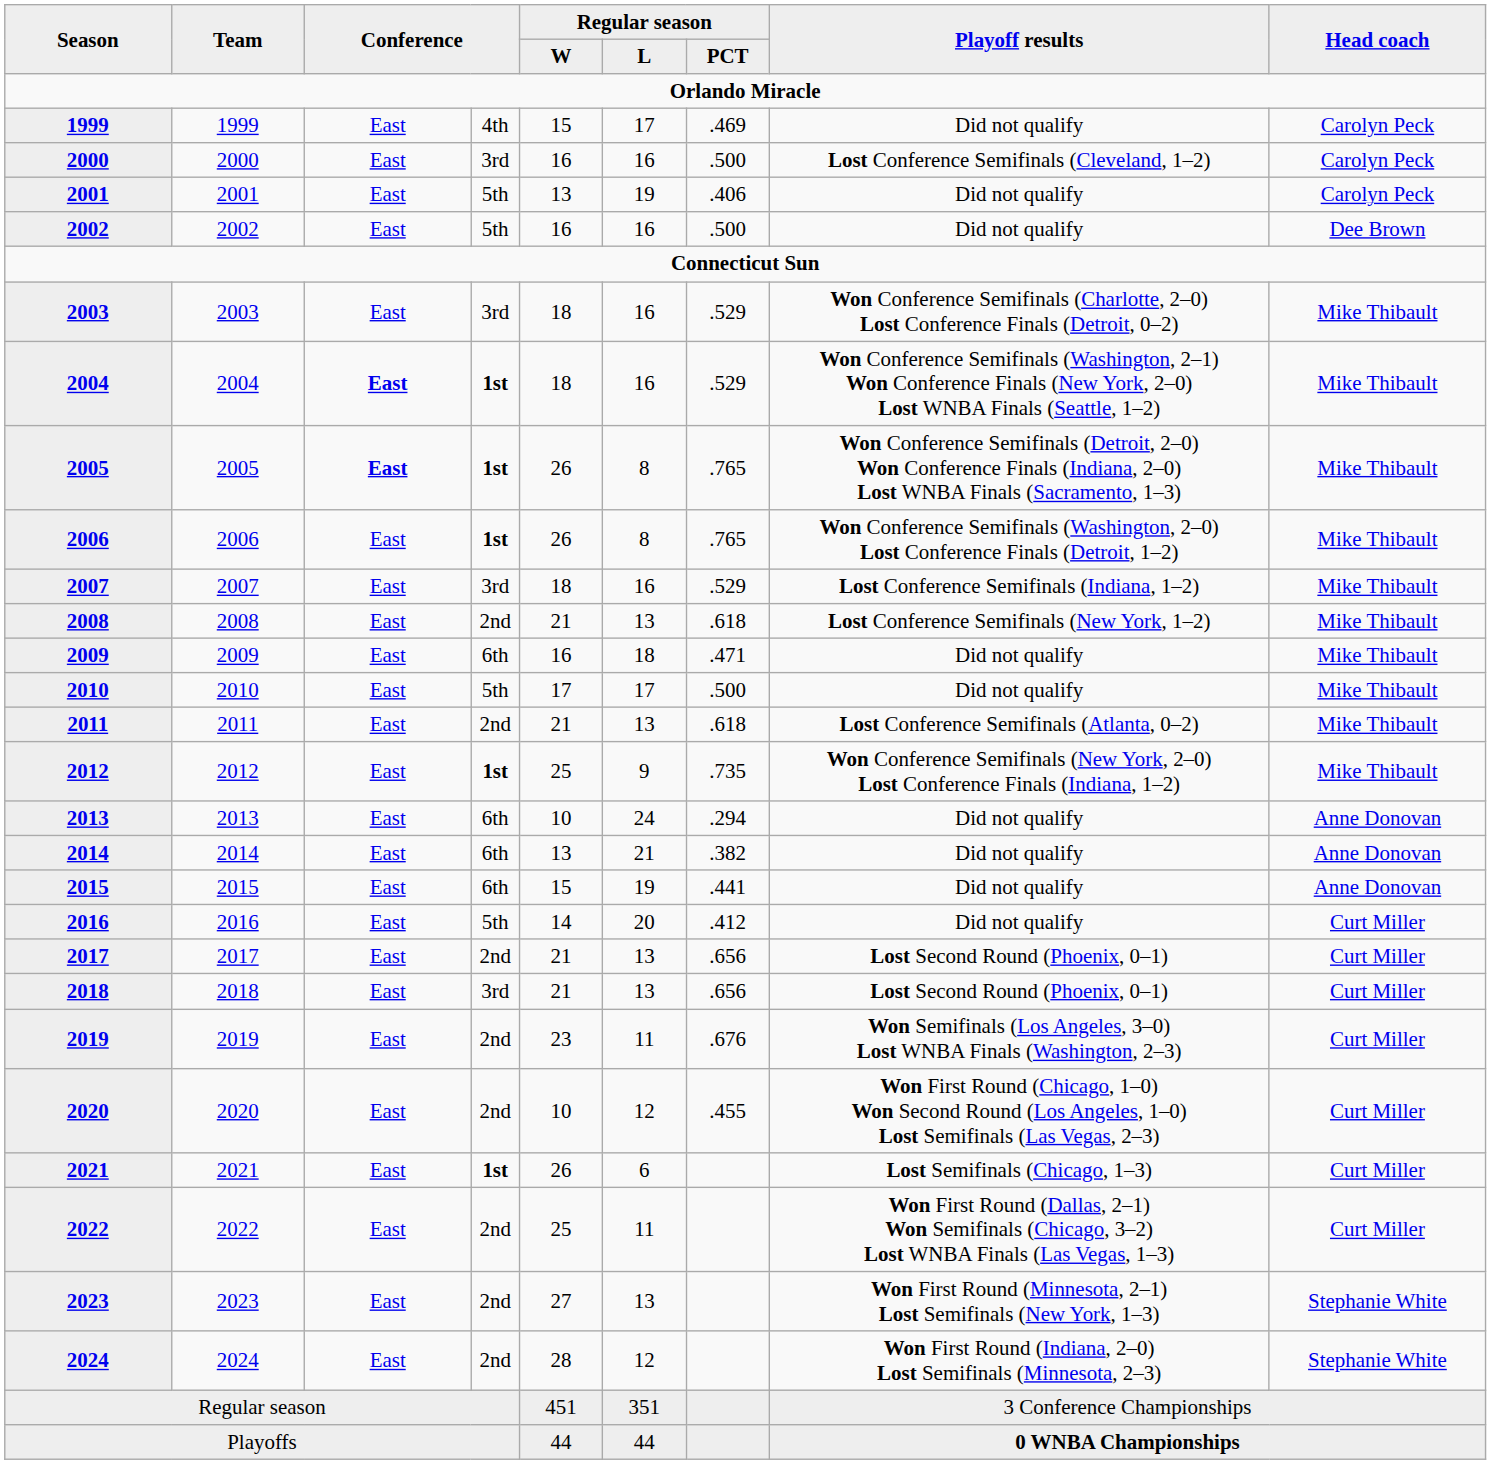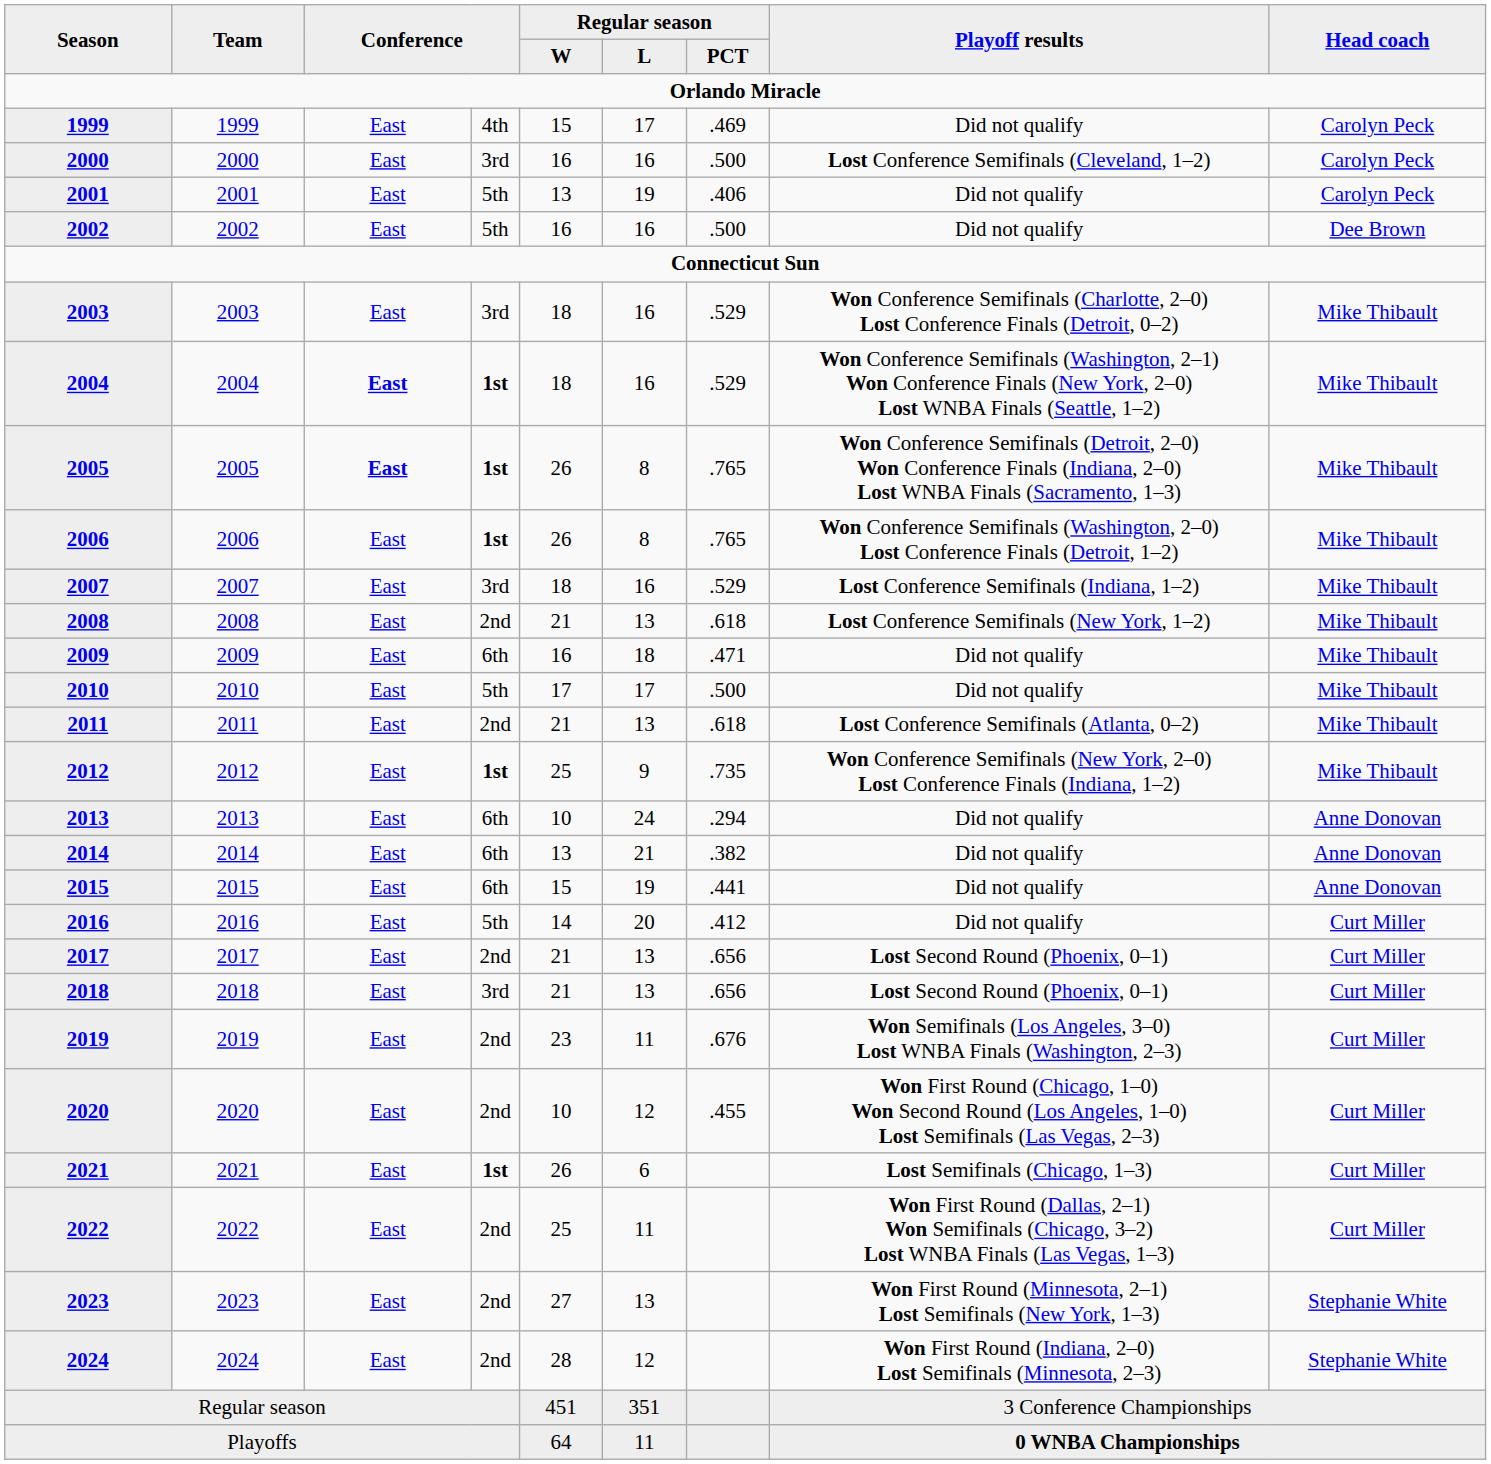 <table class="wikitable" style="font-size:95%; text-align: center; width: 85%; margin:1em auto;">
 <tr>
 <th rowspan="2" style="background:#eee; width: 10%;">Season</th>
 <th rowspan="2" style="background:#eee; width: 8%;">Team</th>
 <th rowspan="2" colspan="2" style="background:#eee; width: 12%;">Conference</th>
 <th colspan="3" style="background:#eee; width: 15%;">Regular season</th>
 <th rowspan="2" style="background:#eee; width: 30%;"><a href='#'>Playoff</a> results</th>
 <th rowspan="2" style="background:#eee; width: 13%;"><a href='#'>Head coach</a></th>
 </tr>
 <tr>
 <th style="background:#eee; width: 5%;">W</th>
 <th style="background:#eee; width: 5%;">L</th>
 <th style="background:#eee; width: 5%;">PCT</th>
 </tr>
 <tr>
 <td colspan="9"><strong>Orlando Miracle</strong></td>
 </tr>
 <tr>
 <th scope="row" style="background:#eee;"><a href='#'>1999</a></th>
 <td><a href='#'>1999</a></td>
 <td style="width: 10%"><a href='#'>East</a></td>
 <td>4th</td>
 <td>15</td>
 <td>17</td>
 <td>.469</td>
 <td>Did not qualify</td>
 <td><a href='#'>Carolyn Peck</a></td>
 </tr>
 <tr>
 <th scope="row" style="background:#eee;"><a href='#'>2000</a></th>
 <td><a href='#'>2000</a></td>
 <td><a href='#'>East</a></td>
 <td>3rd</td>
 <td>16</td>
 <td>16</td>
 <td>.500</td>
 <td><strong>Lost</strong> Conference Semifinals (<a href='#'>Cleveland</a>, 1–2)</td>
 <td><a href='#'>Carolyn Peck</a></td>
 </tr>
 <tr>
 <th scope="row" style="background:#eee;"><a href='#'>2001</a></th>
 <td><a href='#'>2001</a></td>
 <td><a href='#'>East</a></td>
 <td>5th</td>
 <td>13</td>
 <td>19</td>
 <td>.406</td>
 <td>Did not qualify</td>
 <td><a href='#'>Carolyn Peck</a></td>
 </tr>
 <tr>
 <th scope="row" style="background:#eee;"><a href='#'>2002</a></th>
 <td><a href='#'>2002</a></td>
 <td><a href='#'>East</a></td>
 <td>5th</td>
 <td>16</td>
 <td>16</td>
 <td>.500</td>
 <td>Did not qualify</td>
 <td><a href='#'>Dee Brown</a></td>
 </tr>
 <tr>
 <td colspan="9"><strong> Connecticut Sun</strong></td>
 </tr>
 <tr>
 <th scope="row" style="background:#eee;"><a href='#'>2003</a></th>
 <td><a href='#'>2003</a></td>
 <td><a href='#'>East</a></td>
 <td>3rd</td>
 <td>18</td>
 <td>16</td>
 <td>.529</td>
 <td><strong>Won</strong> Conference Semifinals (<a href='#'>Charlotte</a>, 2–0)<br> <strong>Lost</strong> Conference Finals (<a href='#'>Detroit</a>, 0–2)</td>
 <td><a href='#'>Mike Thibault</a></td>
 </tr>
 <tr>
 <th scope="row" style="background:#eee;"><a href='#'>2004</a></th>
 <td><a href='#'>2004</a></td>
 <td><strong><a href='#'>East</a></strong></td>
 <td><strong>1st</strong></td>
 <td>18</td>
 <td>16</td>
 <td>.529</td>
 <td><strong>Won</strong> Conference Semifinals (<a href='#'>Washington</a>, 2–1)<br> <strong>Won</strong> Conference Finals (<a href='#'>New York</a>, 2–0)<br> <strong>Lost</strong> WNBA Finals (<a href='#'>Seattle</a>, 1–2)</td>
 <td><a href='#'>Mike Thibault</a></td>
 </tr>
 <tr>
 <th scope="row" style="background:#eee;"><a href='#'>2005</a></th>
 <td><a href='#'>2005</a></td>
 <td><strong><a href='#'>East</a></strong></td>
 <td><strong>1st</strong></td>
 <td>26</td>
 <td>8</td>
 <td>.765</td>
 <td><strong>Won</strong> Conference Semifinals (<a href='#'>Detroit</a>, 2–0)<br> <strong>Won</strong> Conference Finals (<a href='#'>Indiana</a>, 2–0)<br> <strong>Lost</strong> WNBA Finals (<a href='#'>Sacramento</a>, 1–3)</td>
 <td><a href='#'>Mike Thibault</a></td>
 </tr>
 <tr>
 <th scope="row" style="background:#eee;"><a href='#'>2006</a></th>
 <td><a href='#'>2006</a></td>
 <td><a href='#'>East</a></td>
 <td><strong>1st</strong></td>
 <td>26</td>
 <td>8</td>
 <td>.765</td>
 <td><strong>Won</strong> Conference Semifinals (<a href='#'>Washington</a>, 2–0)<br> <strong>Lost</strong> Conference Finals (<a href='#'>Detroit</a>, 1–2)</td>
 <td><a href='#'>Mike Thibault</a></td>
 </tr>
 <tr>
 <th scope="row" style="background:#eee;"><a href='#'>2007</a></th>
 <td><a href='#'>2007</a></td>
 <td><a href='#'>East</a></td>
 <td>3rd</td>
 <td>18</td>
 <td>16</td>
 <td>.529</td>
 <td><strong>Lost</strong> Conference Semifinals (<a href='#'>Indiana</a>, 1–2)</td>
 <td><a href='#'>Mike Thibault</a></td>
 </tr>
 <tr>
 <th scope="row" style="background:#eee;"><a href='#'>2008</a></th>
 <td><a href='#'>2008</a></td>
 <td><a href='#'>East</a></td>
 <td>2nd</td>
 <td>21</td>
 <td>13</td>
 <td>.618</td>
 <td><strong>Lost</strong> Conference Semifinals (<a href='#'>New York</a>, 1–2)</td>
 <td><a href='#'>Mike Thibault</a></td>
 </tr>
 <tr>
 <th scope="row" style="background:#eee;"><a href='#'>2009</a></th>
 <td><a href='#'>2009</a></td>
 <td><a href='#'>East</a></td>
 <td>6th</td>
 <td>16</td>
 <td>18</td>
 <td>.471</td>
 <td>Did not qualify</td>
 <td><a href='#'>Mike Thibault</a></td>
 </tr>
 <tr>
 <th scope="row" style="background:#eee;"><a href='#'>2010</a></th>
 <td><a href='#'>2010</a></td>
 <td><a href='#'>East</a></td>
 <td>5th</td>
 <td>17</td>
 <td>17</td>
 <td>.500</td>
 <td>Did not qualify</td>
 <td><a href='#'>Mike Thibault</a></td>
 </tr>
 <tr>
 <th scope="row" style="background:#eee;"><a href='#'>2011</a></th>
 <td><a href='#'>2011</a></td>
 <td><a href='#'>East</a></td>
 <td>2nd</td>
 <td>21</td>
 <td>13</td>
 <td>.618</td>
 <td><strong>Lost</strong> Conference Semifinals (<a href='#'>Atlanta</a>, 0–2)</td>
 <td><a href='#'>Mike Thibault</a></td>
 </tr>
 <tr>
 <th scope="row" style="background:#eee;"><a href='#'>2012</a></th>
 <td><a href='#'>2012</a></td>
 <td><a href='#'>East</a></td>
 <td><strong>1st</strong></td>
 <td>25</td>
 <td>9</td>
 <td>.735</td>
 <td><strong>Won</strong> Conference Semifinals (<a href='#'>New York</a>, 2–0)<br><strong>Lost</strong> Conference Finals (<a href='#'>Indiana</a>, 1–2)</td>
 <td><a href='#'>Mike Thibault</a></td>
 </tr>
 <tr>
 <th scope="row" style="background:#eee;"><a href='#'>2013</a></th>
 <td><a href='#'>2013</a></td>
 <td><a href='#'>East</a></td>
 <td>6th</td>
 <td>10</td>
 <td>24</td>
 <td>.294</td>
 <td>Did not qualify</td>
 <td><a href='#'>Anne Donovan</a></td>
 </tr>
 <tr>
 <th scope="row" style="background:#eee;"><a href='#'>2014</a></th>
 <td><a href='#'>2014</a></td>
 <td><a href='#'>East</a></td>
 <td>6th</td>
 <td>13</td>
 <td>21</td>
 <td>.382</td>
 <td>Did not qualify</td>
 <td><a href='#'>Anne Donovan</a></td>
 </tr>
 <tr>
 <th scope="row" style="background:#eee;"><a href='#'>2015</a></th>
 <td><a href='#'>2015</a></td>
 <td><a href='#'>East</a></td>
 <td>6th</td>
 <td>15</td>
 <td>19</td>
 <td>.441</td>
 <td>Did not qualify</td>
 <td><a href='#'>Anne Donovan</a></td>
 </tr>
 <tr>
 <th scope="row" style="background:#eee;"><a href='#'>2016</a></th>
 <td><a href='#'>2016</a></td>
 <td><a href='#'>East</a></td>
 <td>5th</td>
 <td>14</td>
 <td>20</td>
 <td>.412</td>
 <td>Did not qualify</td>
 <td><a href='#'>Curt Miller</a></td>
 </tr>
 <tr>
 <th scope="row" style="background:#eee;"><a href='#'>2017</a></th>
 <td><a href='#'>2017</a></td>
 <td><a href='#'>East</a></td>
 <td>2nd</td>
 <td>21</td>
 <td>13</td>
 <td>.656</td>
 <td><strong>Lost</strong> Second Round (<a href='#'>Phoenix</a>, 0–1)</td>
 <td><a href='#'>Curt Miller</a></td>
 </tr>
 <tr>
 <th scope="row" style="background:#eee;"><a href='#'>2018</a></th>
 <td><a href='#'>2018</a></td>
 <td><a href='#'>East</a></td>
 <td>3rd</td>
 <td>21</td>
 <td>13</td>
 <td>.656</td>
 <td><strong>Lost</strong> Second Round (<a href='#'>Phoenix</a>, 0–1)</td>
 <td><a href='#'>Curt Miller</a></td>
 </tr>
 <tr>
 <th scope="row" style="background:#eee;"><a href='#'>2019</a></th>
 <td><a href='#'>2019</a></td>
 <td><a href='#'>East</a></td>
 <td>2nd</td>
 <td>23</td>
 <td>11</td>
 <td>.676</td>
 <td><strong>Won</strong> Semifinals (<a href='#'>Los Angeles</a>, 3–0)<br> <strong>Lost</strong> WNBA Finals (<a href='#'>Washington</a>, 2–3)</td>
 <td><a href='#'>Curt Miller</a></td>
 </tr>
 <tr>
 <th scope="row" style="background:#eee;"><a href='#'>2020</a></th>
 <td><a href='#'>2020</a></td>
 <td><a href='#'>East</a></td>
 <td>2nd</td>
 <td>10</td>
 <td>12</td>
 <td>.455</td>
 <td><strong>Won</strong> First Round (<a href='#'>Chicago</a>, 1–0)<br> <strong>Won</strong> Second Round (<a href='#'>Los Angeles</a>, 1–0)<br><strong>Lost</strong> Semifinals (<a href='#'>Las Vegas</a>, 2–3)</td>
 <td><a href='#'>Curt Miller</a></td>
 </tr>
 <tr>
 <th scope="row" style="background:#eee;"><a href='#'>2021</a></th>
 <td><a href='#'>2021</a></td>
 <td><a href='#'>East</a></td>
 <td><strong>1st</strong></td>
 <td>26</td>
 <td>6</td>
 <td></td>
 <td><strong>Lost</strong> Semifinals (<a href='#'>Chicago</a>, 1–3)</td>
 <td><a href='#'>Curt Miller</a></td>
 </tr>
 <tr>
 <th scope="row" style="background:#eee;"><a href='#'>2022</a></th>
 <td><a href='#'>2022</a></td>
 <td><a href='#'>East</a></td>
 <td>2nd</td>
 <td>25</td>
 <td>11</td>
 <td></td>
 <td><strong>Won</strong> First Round (<a href='#'>Dallas</a>, 2–1)<br><strong>Won</strong> Semifinals (<a href='#'>Chicago</a>, 3–2)<br><strong>Lost</strong> WNBA Finals (<a href='#'>Las Vegas</a>, 1–3)</td>
 <td><a href='#'>Curt Miller</a></td>
 </tr>
 <tr>
 <th scope="row" style="background:#eee;"><a href='#'>2023</a></th>
 <td><a href='#'>2023</a></td>
 <td><a href='#'>East</a></td>
 <td>2nd</td>
 <td>27</td>
 <td>13</td>
 <td></td>
 <td><strong>Won</strong> First Round (<a href='#'>Minnesota</a>, 2–1)<br><strong>Lost</strong> Semifinals (<a href='#'>New York</a>, 1–3)</td>
 <td><a href='#'>Stephanie White</a></td>
 </tr>
 <tr>
 <th scope="row" style="background:#eee;"><a href='#'>2024</a></th>
 <td><a href='#'>2024</a></td>
 <td><a href='#'>East</a></td>
 <td>2nd</td>
 <td>28</td>
 <td>12</td>
 <td></td>
 <td><strong>Won</strong> First Round (<a href='#'>Indiana</a>, 2–0)<br><strong>Lost</strong>  Semifinals (<a href='#'>Minnesota</a>, 2–3)</td>
 <td><a href='#'>Stephanie White</a></td>
 </tr>
 <tr>
 <td colspan="4" style="background:#eee;">Regular season</td>
 <td style="background:#eee;">451</td>
 <td style="background:#eee;">351</td>
 <td style="background:#eee;"></td>
 <td colspan="2" style="background:#eee;">3 Conference Championships</td>
 </tr>
 <tr>
 <td colspan="4" style="background:#eee;">Playoffs</td>
-<td style="background:#eee;">44</td>
-<td style="background:#eee;">44</td>
+<td style="background:#eee;">64</td>
+<td style="background:#eee;">11</td>
 <td style="background:#eee;"></td>
 <td colspan="2" style="background:#eee;"><strong>0 WNBA Championships</strong></td>
 </tr>
 </table>
